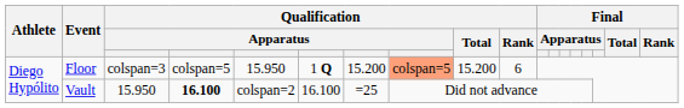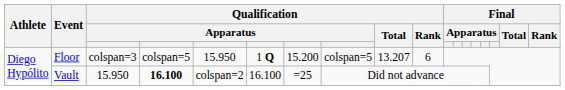 <table class="wikitable" style="font-size:90%">
 <tr>
 <th rowspan=3>Athlete</th>
 <th rowspan=3>Event</th>
 <th colspan =8>Qualification</th>
 <th colspan =8>Final</th>
 </tr>
 <tr style="font-size:95%">
 <th colspan=6>Apparatus</th>
 <th rowspan=2>Total</th>
 <th rowspan=2>Rank</th>
 <th colspan=6>Apparatus</th>
 <th rowspan=2>Total</th>
 <th rowspan=2>Rank</th>
 </tr>
 <tr style="font-size:95%">
 <th></th>
 <th></th>
 <th></th>
 <th></th>
 <th></th>
 <th></th>
 <th></th>
 <th></th>
 <th></th>
 <th></th>
 <th></th>
 <th></th>
 </tr>
 <tr align=center>
 <td align=left rowspan=2><a href='#'>Diego Hypólito</a></td>
 <td align=left><a href='#'>Floor</a></td>
 <td>colspan=3 </td>
 <td>colspan=5 </td>
 <td>15.950</td>
 <td>1 <strong>Q</strong></td>
 <td>15.200</td>
-<td style="background: lightsalmon;">colspan=5 </td>
-<td>15.200</td>
+<td>colspan=5 </td>
+<td>13.207</td>
 <td>6</td>
 </tr>
 <tr align=center>
 <td align=left><a href='#'>Vault</a></td>
 <td>15.950</td>
 <td><strong>16.100</strong></td>
 <td>colspan=2 </td>
 <td>16.100</td>
 <td>=25</td>
 <td colspan=8>Did not advance</td>
 </tr>
 </table>
